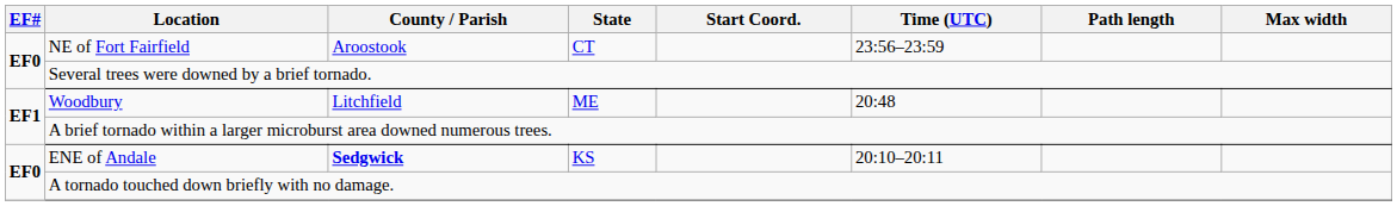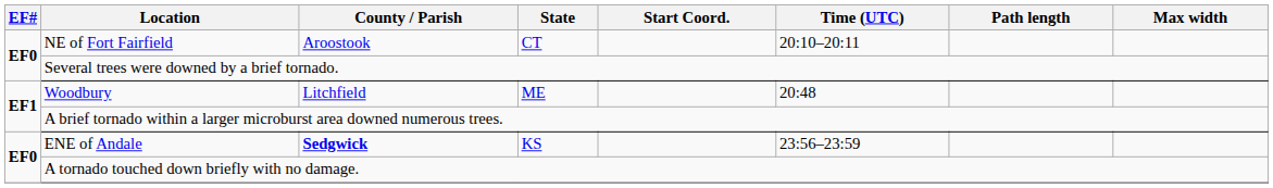 <table class="wikitable sortable" style="width:100%;">
 <tr>
 <th scope="col" width="2%" align="center"><a href='#'>EF#</a></th>
 <th scope="col" align="center" class="unsortable">Location</th>
 <th scope="col" align="center" class="unsortable">County / Parish</th>
 <th scope="col" align="center">State</th>
 <th scope="col" align="center" data-sort-type="number">Start Coord.</th>
 <th scope="col" align="center" data-sort-type="number">Time (<a href='#'>UTC</a>)</th>
 <th scope="col" align="center" data-sort-type="number">Path length</th>
 <th scope="col" align="center" data-sort-type="number">Max width</th>
 </tr>
 <tr>
 <td rowspan="2" align="center"><strong>EF0</strong></td>
 <td>NE of <a href='#'>Fort Fairfield</a></td>
 <td><a href='#'>Aroostook</a></td>
 <td><a href='#'>CT</a></td>
 <td></td>
-<td>23:56–23:59</td>
+<td>20:10–20:11</td>
 <td></td>
 <td></td>
 </tr>
 <tr class="expand-child">
 <td colspan="8" style=" border-bottom: 1px solid black;">Several trees were downed by a brief tornado.</td>
 </tr>
 <tr>
 <td rowspan="2" align="center"><strong>EF1</strong></td>
 <td><a href='#'>Woodbury</a></td>
 <td><a href='#'>Litchfield</a></td>
 <td><a href='#'>ME</a></td>
 <td></td>
 <td>20:48</td>
 <td></td>
 <td></td>
 </tr>
 <tr class="expand-child">
 <td colspan="8" style=" border-bottom: 1px solid black;">A brief tornado within a larger microburst area downed numerous trees.</td>
 </tr>
 <tr>
 <td rowspan="2" align="center"><strong>EF0</strong></td>
 <td>ENE of <a href='#'>Andale</a></td>
 <td><strong><a href='#'>Sedgwick</a></strong></td>
 <td><a href='#'>KS</a></td>
 <td></td>
-<td>20:10–20:11</td>
+<td>23:56–23:59</td>
 <td></td>
 <td></td>
 </tr>
 <tr class="expand-child">
 <td colspan="8" style=" border-bottom: 1px solid black;">A tornado touched down briefly with no damage.</td>
 </tr>
 <tr>
 </tr>
 </table>
